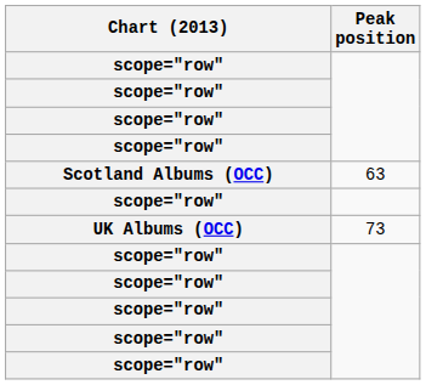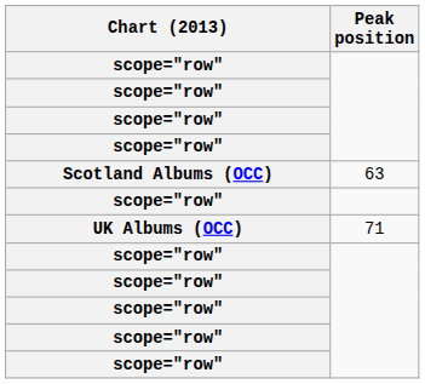 <table class="wikitable plainrowheaders sortable" style="text-align:center;">
 <tr>
 <th scope="col" style="width:19em;">Chart (2013)</th>
 <th scope="col">Peak<br>position</th>
 </tr>
 <tr>
 <th>scope="row" </th>
 </tr>
 <tr>
 <th>scope="row" </th>
 </tr>
 <tr>
 <th>scope="row" </th>
 </tr>
 <tr>
 <th>scope="row" </th>
 </tr>
 <tr>
 <th scope="row">Scotland Albums (<a href='#'>OCC</a>)</th>
 <td style="text-align:center;">63</td>
 </tr>
 <tr>
 <th>scope="row" </th>
 </tr>
 <tr>
 <th scope="row">UK Albums (<a href='#'>OCC</a>)</th>
-<td style="text-align:center;">73</td>
+<td style="text-align:center;">71</td>
 </tr>
 <tr>
 <th>scope="row" </th>
 </tr>
 <tr>
 <th>scope="row" </th>
 </tr>
 <tr>
 <th>scope="row" </th>
 </tr>
 <tr>
 <th>scope="row" </th>
 </tr>
 <tr>
 <th>scope="row" </th>
 </tr>
 </table>
